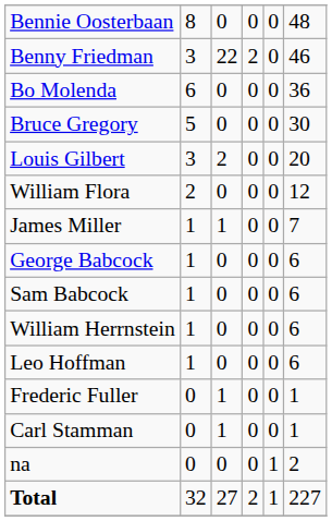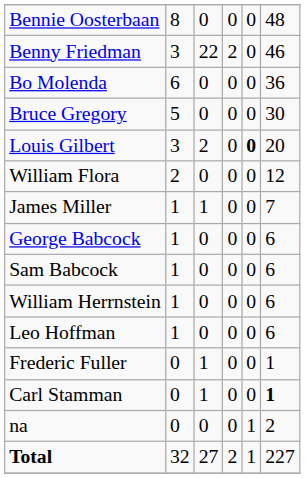 <table class="wikitable">
 <tr>
 </tr>
 <tr>
 <td><a href='#'>Bennie Oosterbaan</a></td>
 <td>8</td>
 <td>0</td>
 <td>0</td>
 <td>0</td>
 <td>48</td>
 </tr>
 <tr>
 <td><a href='#'>Benny Friedman</a></td>
 <td>3</td>
 <td>22</td>
 <td>2</td>
 <td>0</td>
 <td>46</td>
 </tr>
 <tr>
 <td><a href='#'>Bo Molenda</a></td>
 <td>6</td>
 <td>0</td>
 <td>0</td>
 <td>0</td>
 <td>36</td>
 </tr>
 <tr>
 <td><a href='#'>Bruce Gregory</a></td>
 <td>5</td>
 <td>0</td>
 <td>0</td>
 <td>0</td>
 <td>30</td>
 </tr>
 <tr>
 <td><a href='#'>Louis Gilbert</a></td>
 <td>3</td>
 <td>2</td>
 <td>0</td>
-<td>0</td>
+<td><strong>0</strong></td>
 <td>20</td>
 </tr>
 <tr>
 <td>William Flora</td>
 <td>2</td>
 <td>0</td>
 <td>0</td>
 <td>0</td>
 <td>12</td>
 </tr>
 <tr>
 <td>James Miller</td>
 <td>1</td>
 <td>1</td>
 <td>0</td>
 <td>0</td>
 <td>7</td>
 </tr>
 <tr>
 <td><a href='#'>George Babcock</a></td>
 <td>1</td>
 <td>0</td>
 <td>0</td>
 <td>0</td>
 <td>6</td>
 </tr>
 <tr>
 <td>Sam Babcock</td>
 <td>1</td>
 <td>0</td>
 <td>0</td>
 <td>0</td>
 <td>6</td>
 </tr>
 <tr>
 <td>William Herrnstein</td>
 <td>1</td>
 <td>0</td>
 <td>0</td>
 <td>0</td>
 <td>6</td>
 </tr>
 <tr>
 <td>Leo Hoffman</td>
 <td>1</td>
 <td>0</td>
 <td>0</td>
 <td>0</td>
 <td>6</td>
 </tr>
 <tr>
 <td>Frederic Fuller</td>
 <td>0</td>
 <td>1</td>
 <td>0</td>
 <td>0</td>
 <td>1</td>
 </tr>
 <tr>
 <td>Carl Stamman</td>
 <td>0</td>
 <td>1</td>
 <td>0</td>
 <td>0</td>
-<td>1</td>
+<td><strong>1</strong></td>
 </tr>
 <tr>
 <td>na</td>
 <td>0</td>
 <td>0</td>
 <td>0</td>
 <td>1</td>
 <td>2</td>
 </tr>
 <tr>
 <td><strong>Total</strong></td>
 <td>32</td>
 <td>27</td>
 <td>2</td>
 <td>1</td>
 <td>227</td>
 </tr>
 <tr>
 </tr>
 </table>
